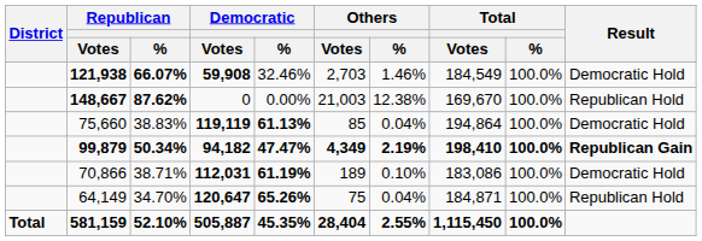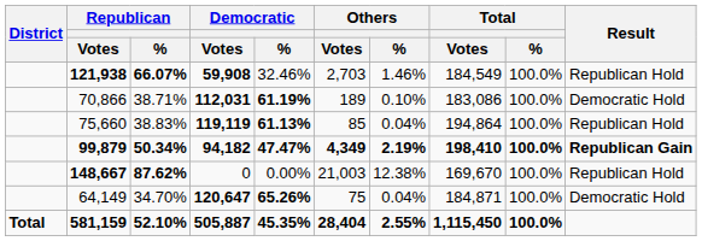 <table class="wikitable plainrowheaders sortable" style="font-size:100%; text-align:right;">
 <tr>
 <th scope=col rowspan=3><a href='#'>District</a></th>
 <th scope=col colspan=2><a href='#'>Republican</a></th>
 <th scope=col colspan=2><a href='#'>Democratic</a></th>
 <th scope=col colspan=2>Others</th>
 <th scope=col colspan=2>Total</th>
 <th scope=col rowspan=3>Result</th>
 </tr>
 <tr>
 <th scope=col colspan=2 style="background:"></th>
 <th scope=col colspan=2 style="background:"></th>
 <th scope=col colspan=2></th>
 <th scope=col colspan=2></th>
 </tr>
 <tr>
 <th scope=col data-sort-type="number">Votes</th>
 <th scope=col data-sort-type="number">%</th>
 <th scope=col data-sort-type="number">Votes</th>
 <th scope=col data-sort-type="number">%</th>
 <th scope=col data-sort-type="number">Votes</th>
 <th scope=col data-sort-type="number">%</th>
 <th scope=col data-sort-type="number">Votes</th>
 <th scope=col data-sort-type="number">%</th>
 </tr>
 <tr>
 <td align=left></td>
 <td><strong>121,938</strong></td>
 <td><strong>66.07%</strong></td>
 <td><strong>59,908</strong></td>
 <td>32.46%</td>
 <td>2,703</td>
 <td>1.46%</td>
 <td>184,549</td>
 <td>100.0%</td>
+<td align=left>Republican Hold</td>
+</tr>
+<tr>
+<td align=left></td>
+<td>70,866</td>
+<td>38.71%</td>
+<td><strong>112,031</strong></td>
+<td><strong>61.19%</strong></td>
+<td>189</td>
+<td>0.10%</td>
+<td>183,086</td>
+<td>100.0%</td>
 <td align=left>Democratic Hold</td>
+</tr>
+<tr>
+<td align=left></td>
+<td>75,660</td>
+<td>38.83%</td>
+<td><strong>119,119</strong></td>
+<td><strong>61.13%</strong></td>
+<td>85</td>
+<td>0.04%</td>
+<td>194,864</td>
+<td>100.0%</td>
+<td align=left>Republican Hold</td>
+</tr>
+<tr>
+<td align=left><strong></strong></td>
+<td><strong>99,879</strong></td>
+<td><strong>50.34%</strong></td>
+<td><strong>94,182</strong></td>
+<td><strong>47.47%</strong></td>
+<td><strong>4,349</strong></td>
+<td><strong>2.19%</strong></td>
+<td><strong>198,410</strong></td>
+<td><strong>100.0%</strong></td>
+<td align=left><strong>Republican Gain</strong></td>
 </tr>
 <tr>
 <td align=left></td>
 <td><strong>148,667</strong></td>
 <td><strong>87.62%</strong></td>
 <td>0</td>
 <td>0.00%</td>
 <td>21,003</td>
 <td>12.38%</td>
 <td>169,670</td>
 <td>100.0%</td>
 <td align=left>Republican Hold</td>
 </tr>
 <tr>
 <td align=left></td>
-<td>75,660</td>
-<td>38.83%</td>
-<td><strong>119,119</strong></td>
-<td><strong>61.13%</strong></td>
-<td>85</td>
-<td>0.04%</td>
-<td>194,864</td>
-<td>100.0%</td>
-<td align=left>Democratic Hold</td>
-</tr>
-<tr>
-<td align=left><strong></strong></td>
-<td><strong>99,879</strong></td>
-<td><strong>50.34%</strong></td>
-<td><strong>94,182</strong></td>
-<td><strong>47.47%</strong></td>
-<td><strong>4,349</strong></td>
-<td><strong>2.19%</strong></td>
-<td><strong>198,410</strong></td>
-<td><strong>100.0%</strong></td>
-<td align=left><strong>Republican Gain</strong></td>
-</tr>
-<tr>
-<td align=left></td>
-<td>70,866</td>
-<td>38.71%</td>
-<td><strong>112,031</strong></td>
-<td><strong>61.19%</strong></td>
-<td>189</td>
-<td>0.10%</td>
-<td>183,086</td>
-<td>100.0%</td>
-<td align=left>Democratic Hold</td>
-</tr>
-<tr>
-<td align=left></td>
 <td>64,149</td>
 <td>34.70%</td>
 <td><strong>120,647</strong></td>
 <td><strong>65.26%</strong></td>
 <td>75</td>
 <td>0.04%</td>
 <td>184,871</td>
 <td>100.0%</td>
-<td align=left>Republican Hold</td>
+<td align=left>Democratic Hold</td>
 </tr>
 <tr class="sortbottom" style="font-weight:bold">
 <td align=left>Total</td>
 <td><strong>581,159</strong></td>
 <td><strong>52.10%</strong></td>
 <td><strong>505,887</strong></td>
 <td><strong>45.35%</strong></td>
 <td><strong>28,404</strong></td>
 <td><strong>2.55%</strong></td>
 <td><strong>1,115,450</strong></td>
 <td><strong>100.0%</strong></td>
 <td></td>
 </tr>
 </table>
